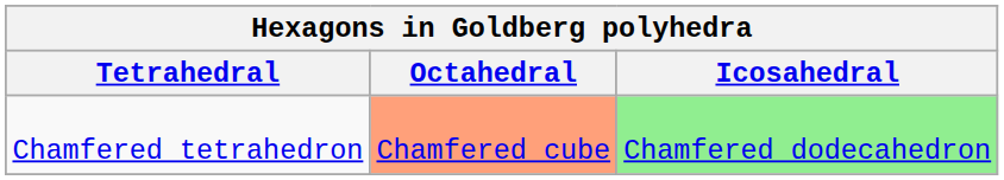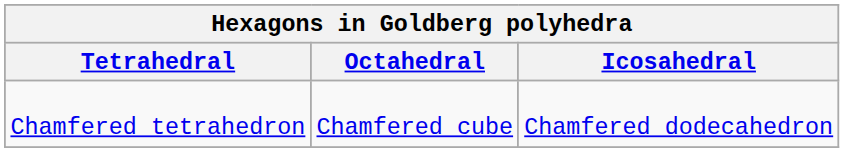 <table class="wikitable collapsible collapsed" style="text-align:center;">
 <tr>
 <th colspan=12>Hexagons in Goldberg polyhedra</th>
 </tr>
 <tr>
 <th><a href='#'>Tetrahedral</a></th>
 <th><a href='#'>Octahedral</a></th>
 <th><a href='#'>Icosahedral</a></th>
 </tr>
 <tr>
 <td><br><a href='#'>Chamfered tetrahedron</a></td>
-<td style="background: lightsalmon;"><br><a href='#'>Chamfered cube</a></td>
-<td style="background: lightgreen;"><br><a href='#'>Chamfered dodecahedron</a></td>
+<td><br><a href='#'>Chamfered cube</a></td>
+<td><br><a href='#'>Chamfered dodecahedron</a></td>
 </tr>
 </table>
